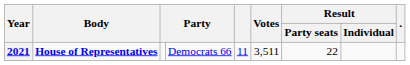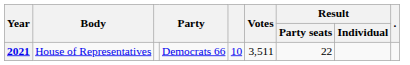 <table class="wikitable plainrowheaders sortable" border=2 cellpadding=4 cellspacing=0 style="border: 1px #aaa solid; font-size: 90%; text-align:center;">
 <tr>
 <th scope="col" rowspan=2>Year</th>
 <th scope="col" rowspan=2>Body</th>
 <th scope="col" colspan=2 rowspan=2>Party</th>
 <th scope="col" rowspan=2></th>
 <th scope="col" rowspan=2>Votes</th>
 <th scope="colgroup" colspan=2>Result</th>
 <th scope="col" rowspan=2 class="unsortable">.</th>
 </tr>
 <tr>
 <th scope="col">Party seats</th>
 <th scope="col">Individual</th>
 </tr>
 <tr>
 <th scope="row"><a href='#'>2021</a></th>
-<td><strong><a href='#'>House of Representatives</a></strong></td>
+<td><a href='#'>House of Representatives</a></td>
 <td style="background-color:"></td>
 <td><a href='#'>Democrats 66</a></td>
-<td style=text-align:right><a href='#'>11</a></td>
+<td style=text-align:right><a href='#'>10</a></td>
 <td style=text-align:right>3,511</td>
 <td style=text-align:right>22</td>
 <td></td>
 <td></td>
 </tr>
 </table>
